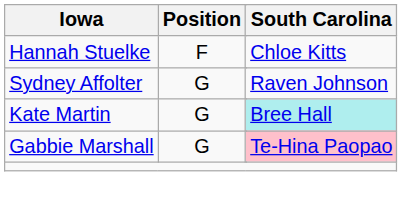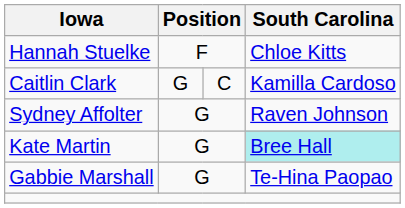 <table class="wikitable">
 <tr>
 <th>Iowa</th>
 <th colspan="2">Position</th>
 <th>South Carolina</th>
 </tr>
 <tr>
 <td><a href='#'>Hannah Stuelke</a></td>
 <td colspan=2 style="text-align:center">F</td>
 <td><a href='#'>Chloe Kitts</a></td>
+</tr>
+<tr>
+<td><a href='#'>Caitlin Clark</a></td>
+<td style="text-align:center">G</td>
+<td style="text-align:center">C</td>
+<td><a href='#'>Kamilla Cardoso</a></td>
 </tr>
 <tr>
 <td><a href='#'>Sydney Affolter</a></td>
 <td colspan=2 style="text-align:center">G</td>
 <td><a href='#'>Raven Johnson</a></td>
 </tr>
 <tr>
 <td><a href='#'>Kate Martin</a></td>
 <td colspan=2 style="text-align:center">G</td>
 <td style="background: paleturquoise;"><a href='#'>Bree Hall</a></td>
 </tr>
 <tr>
 <td><a href='#'>Gabbie Marshall</a></td>
 <td colspan=2 style="text-align:center">G</td>
-<td style="background: pink;"><a href='#'>Te-Hina Paopao</a></td>
+<td><a href='#'>Te-Hina Paopao</a></td>
 </tr>
 <tr>
 <td style="text-align:center" colspan=4></td>
 </tr>
 </table>
